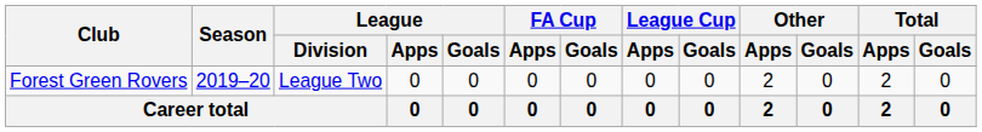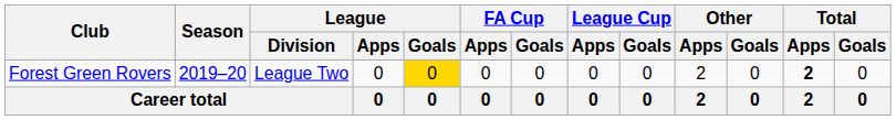 <table class="wikitable" style="text-align: center">
 <tr>
 <th rowspan="2">Club</th>
 <th rowspan="2">Season</th>
 <th colspan="3">League</th>
 <th colspan="2"><a href='#'>FA Cup</a></th>
 <th colspan="2"><a href='#'>League Cup</a></th>
 <th colspan="2">Other</th>
 <th colspan="2">Total</th>
 </tr>
 <tr>
 <th>Division</th>
 <th>Apps</th>
 <th>Goals</th>
 <th>Apps</th>
 <th>Goals</th>
 <th>Apps</th>
 <th>Goals</th>
 <th>Apps</th>
 <th>Goals</th>
 <th>Apps</th>
 <th>Goals</th>
 </tr>
 <tr>
 <td><a href='#'>Forest Green Rovers</a></td>
 <td><a href='#'>2019–20</a></td>
 <td><a href='#'>League Two</a></td>
 <td>0</td>
-<td>0</td>
+<td style="background: gold;">0</td>
 <td>0</td>
 <td>0</td>
 <td>0</td>
 <td>0</td>
 <td>2</td>
 <td>0</td>
-<td>2</td>
+<td><strong>2</strong></td>
 <td>0</td>
 </tr>
 <tr>
 <th colspan="3">Career total</th>
 <th>0</th>
 <th>0</th>
 <th>0</th>
 <th>0</th>
 <th>0</th>
 <th>0</th>
 <th>2</th>
 <th>0</th>
 <th>2</th>
 <th>0</th>
 </tr>
 </table>
